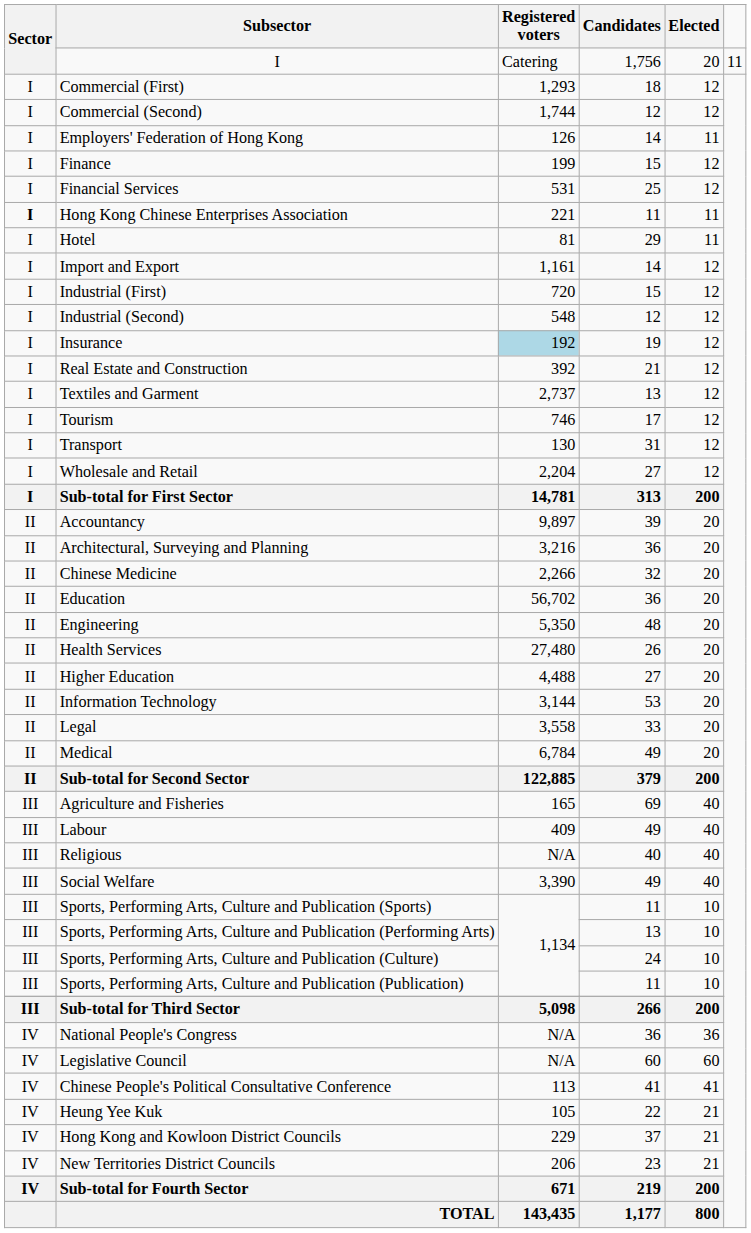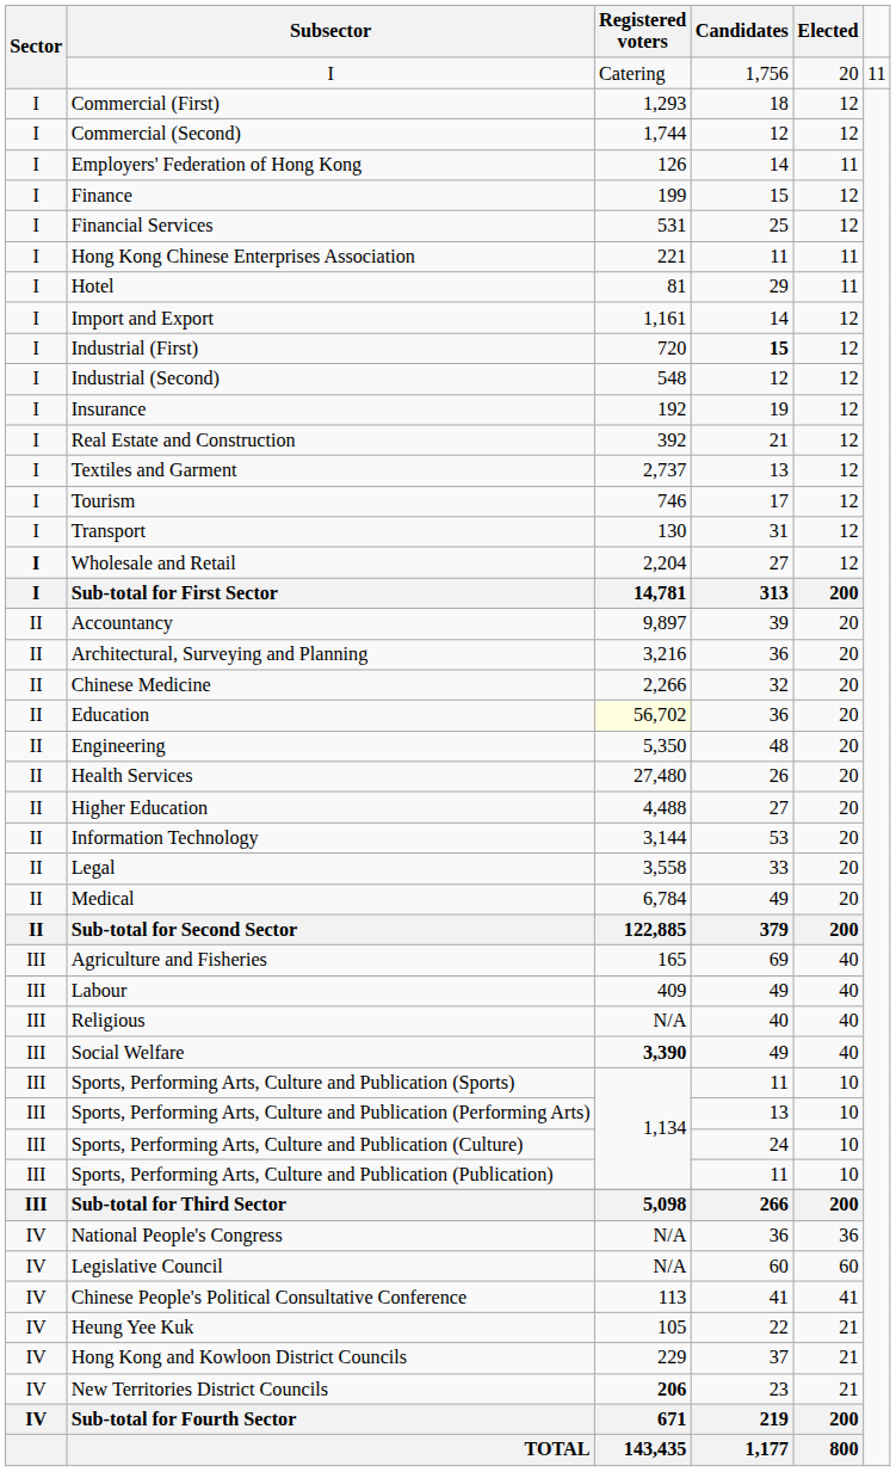 <table class="wikitable" style="text-align:right;">
 <tr>
 <th rowspan=2>Sector</th>
 <th>Subsector</th>
 <th>Registered<br>voters</th>
 <th>Candidates</th>
 <th>Elected</th>
 </tr>
 <tr>
 <td align=center>I</td>
 <td align=left>Catering</td>
 <td>1,756</td>
 <td>20</td>
 <td>11</td>
 </tr>
 <tr>
 <td align=center>I</td>
 <td align=left>Commercial (First)</td>
 <td>1,293</td>
 <td>18</td>
 <td>12</td>
 </tr>
 <tr>
 <td align=center>I</td>
 <td align=left>Commercial (Second)</td>
 <td>1,744</td>
 <td>12</td>
 <td>12</td>
 </tr>
 <tr>
 <td align=center>I</td>
 <td align=left>Employers' Federation of Hong Kong</td>
 <td>126</td>
 <td>14</td>
 <td>11</td>
 </tr>
 <tr>
 <td align=center>I</td>
 <td align=left>Finance</td>
 <td>199</td>
 <td>15</td>
 <td>12</td>
 </tr>
 <tr>
 <td align=center>I</td>
 <td align=left>Financial Services</td>
 <td>531</td>
 <td>25</td>
 <td>12</td>
 </tr>
 <tr>
-<td align=center><strong>I</strong></td>
+<td align=center>I</td>
 <td align=left>Hong Kong Chinese Enterprises Association</td>
 <td>221</td>
 <td>11</td>
 <td>11</td>
 </tr>
 <tr>
 <td align=center>I</td>
 <td align=left>Hotel</td>
 <td>81</td>
 <td>29</td>
 <td>11</td>
 </tr>
 <tr>
 <td align=center>I</td>
 <td align=left>Import and Export</td>
 <td>1,161</td>
 <td>14</td>
 <td>12</td>
 </tr>
 <tr>
 <td align=center>I</td>
 <td align=left>Industrial (First)</td>
 <td>720</td>
-<td>15</td>
+<td><strong>15</strong></td>
 <td>12</td>
 </tr>
 <tr>
 <td align=center>I</td>
 <td align=left>Industrial (Second)</td>
 <td>548</td>
 <td>12</td>
 <td>12</td>
 </tr>
 <tr>
 <td align=center>I</td>
 <td align=left>Insurance</td>
-<td style="background: lightblue;">192</td>
+<td>192</td>
 <td>19</td>
 <td>12</td>
 </tr>
 <tr>
 <td align=center>I</td>
 <td align=left>Real Estate and Construction</td>
 <td>392</td>
 <td>21</td>
 <td>12</td>
 </tr>
 <tr>
 <td align=center>I</td>
 <td align=left>Textiles and Garment</td>
 <td>2,737</td>
 <td>13</td>
 <td>12</td>
 </tr>
 <tr>
 <td align=center>I</td>
 <td align=left>Tourism</td>
 <td>746</td>
 <td>17</td>
 <td>12</td>
 </tr>
 <tr>
 <td align=center>I</td>
 <td align=left>Transport</td>
 <td>130</td>
 <td>31</td>
 <td>12</td>
 </tr>
 <tr>
-<td align=center>I</td>
+<td align=center><strong>I</strong></td>
 <td align=left>Wholesale and Retail</td>
 <td>2,204</td>
 <td>27</td>
 <td>12</td>
 </tr>
 <tr bgcolor="F2F2F2">
 <td align=center><strong>I</strong></td>
 <td align=left><strong>Sub-total for First Sector</strong></td>
 <td><strong>14,781</strong></td>
 <td><strong>313</strong></td>
 <td><strong>200</strong></td>
 </tr>
 <tr>
 <td align=center>II</td>
 <td align=left>Accountancy</td>
 <td>9,897</td>
 <td>39</td>
 <td>20</td>
 </tr>
 <tr>
 <td align=center>II</td>
 <td align=left>Architectural, Surveying and Planning</td>
 <td>3,216</td>
 <td>36</td>
 <td>20</td>
 </tr>
 <tr>
 <td align=center>II</td>
 <td align=left>Chinese Medicine</td>
 <td>2,266</td>
 <td>32</td>
 <td>20</td>
 </tr>
 <tr>
 <td align=center>II</td>
 <td align=left>Education</td>
-<td>56,702</td>
+<td style="background: lightyellow;">56,702</td>
 <td>36</td>
 <td>20</td>
 </tr>
 <tr>
 <td align=center>II</td>
 <td align=left>Engineering</td>
 <td>5,350</td>
 <td>48</td>
 <td>20</td>
 </tr>
 <tr>
 <td align=center>II</td>
 <td align=left>Health Services</td>
 <td>27,480</td>
 <td>26</td>
 <td>20</td>
 </tr>
 <tr>
 <td align=center>II</td>
 <td align=left>Higher Education</td>
 <td>4,488</td>
 <td>27</td>
 <td>20</td>
 </tr>
 <tr>
 <td align=center>II</td>
 <td align=left>Information Technology</td>
 <td>3,144</td>
 <td>53</td>
 <td>20</td>
 </tr>
 <tr>
 <td align=center>II</td>
 <td align=left>Legal</td>
 <td>3,558</td>
 <td>33</td>
 <td>20</td>
 </tr>
 <tr>
 <td align=center>II</td>
 <td align=left>Medical</td>
 <td>6,784</td>
 <td>49</td>
 <td>20</td>
 </tr>
 <tr bgcolor="F2F2F2">
 <td align=center><strong>II</strong></td>
 <td align=left><strong>Sub-total for Second Sector</strong></td>
 <td><strong>122,885</strong></td>
 <td><strong>379</strong></td>
 <td><strong>200</strong></td>
 </tr>
 <tr>
 <td align=center>III</td>
 <td align=left>Agriculture and Fisheries</td>
 <td>165</td>
 <td>69</td>
 <td>40</td>
 </tr>
 <tr>
 <td align=center>III</td>
 <td align=left>Labour</td>
 <td>409</td>
 <td>49</td>
 <td>40</td>
 </tr>
 <tr>
 <td align=center>III</td>
 <td align=left>Religious</td>
 <td>N/A</td>
 <td>40</td>
 <td>40</td>
 </tr>
 <tr>
 <td align=center>III</td>
 <td align=left>Social Welfare</td>
-<td>3,390</td>
+<td><strong>3,390</strong></td>
 <td>49</td>
 <td>40</td>
 </tr>
 <tr>
 <td align=center>III</td>
 <td align=left>Sports, Performing Arts, Culture and Publication (Sports)</td>
 <td rowspan=4>1,134</td>
 <td>11</td>
 <td>10</td>
 </tr>
 <tr>
 <td align=center>III</td>
 <td align=left>Sports, Performing Arts, Culture and Publication (Performing Arts)</td>
 <td>13</td>
 <td>10</td>
 </tr>
 <tr>
 <td align=center>III</td>
 <td align=left>Sports, Performing Arts, Culture and Publication (Culture)</td>
 <td>24</td>
 <td>10</td>
 </tr>
 <tr>
 <td align=center>III</td>
 <td align=left>Sports, Performing Arts, Culture and Publication (Publication)</td>
 <td>11</td>
 <td>10</td>
 </tr>
 <tr>
 </tr>
 <tr bgcolor="F2F2F2">
 <td align=center><strong>III</strong></td>
 <td align=left><strong>Sub-total for Third Sector</strong></td>
 <td><strong>5,098</strong></td>
 <td><strong>266</strong></td>
 <td><strong>200</strong></td>
 </tr>
 <tr>
 <td align=center>IV</td>
 <td align=left>National People's Congress</td>
 <td>N/A</td>
 <td>36</td>
 <td>36</td>
 </tr>
 <tr>
 <td align=center>IV</td>
 <td align=left>Legislative Council</td>
 <td>N/A</td>
 <td>60</td>
 <td>60</td>
 </tr>
 <tr>
 <td align=center>IV</td>
 <td align=left>Chinese People's Political Consultative Conference</td>
 <td>113</td>
 <td>41</td>
 <td>41</td>
 </tr>
 <tr>
 <td align=center>IV</td>
 <td align=left>Heung Yee Kuk</td>
 <td>105</td>
 <td>22</td>
 <td>21</td>
 </tr>
 <tr>
 <td align=center>IV</td>
 <td align=left>Hong Kong and Kowloon District Councils</td>
 <td>229</td>
 <td>37</td>
 <td>21</td>
 </tr>
 <tr>
 <td align=center>IV</td>
 <td align=left>New Territories District Councils</td>
-<td>206</td>
+<td><strong>206</strong></td>
 <td>23</td>
 <td>21</td>
 </tr>
 <tr bgcolor="F2F2F2">
 <td align=center><strong>IV</strong></td>
 <td align=left><strong>Sub-total for Fourth Sector</strong></td>
 <td><strong>671</strong></td>
 <td><strong>219</strong></td>
 <td><strong>200</strong></td>
 </tr>
 <tr bgcolor="F2F2F2">
 <td></td>
 <td><strong>TOTAL</strong></td>
 <td><strong>143,435</strong></td>
 <td><strong>1,177</strong></td>
 <td><strong>800</strong></td>
 </tr>
 </table>
